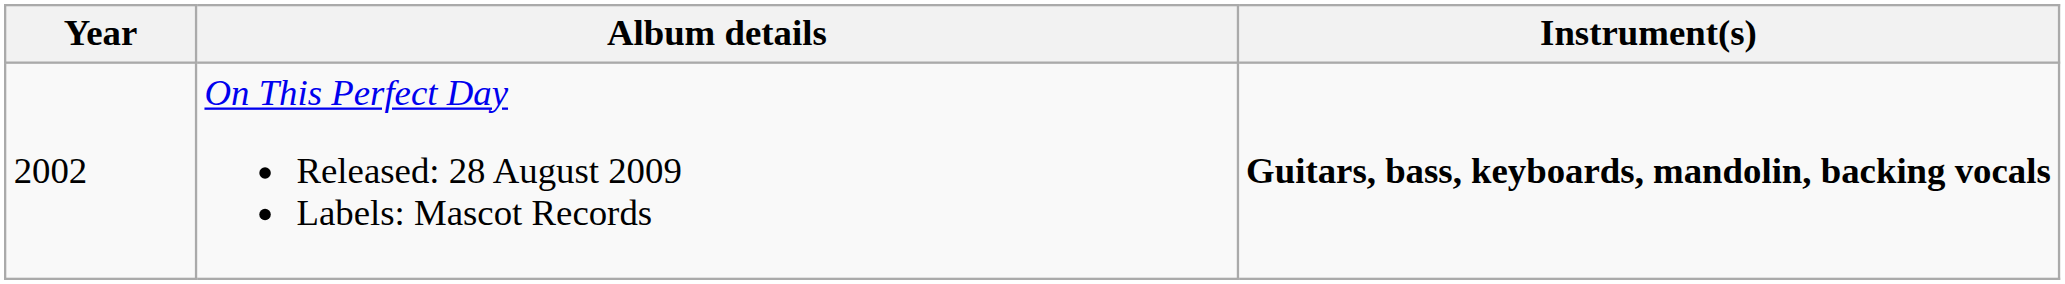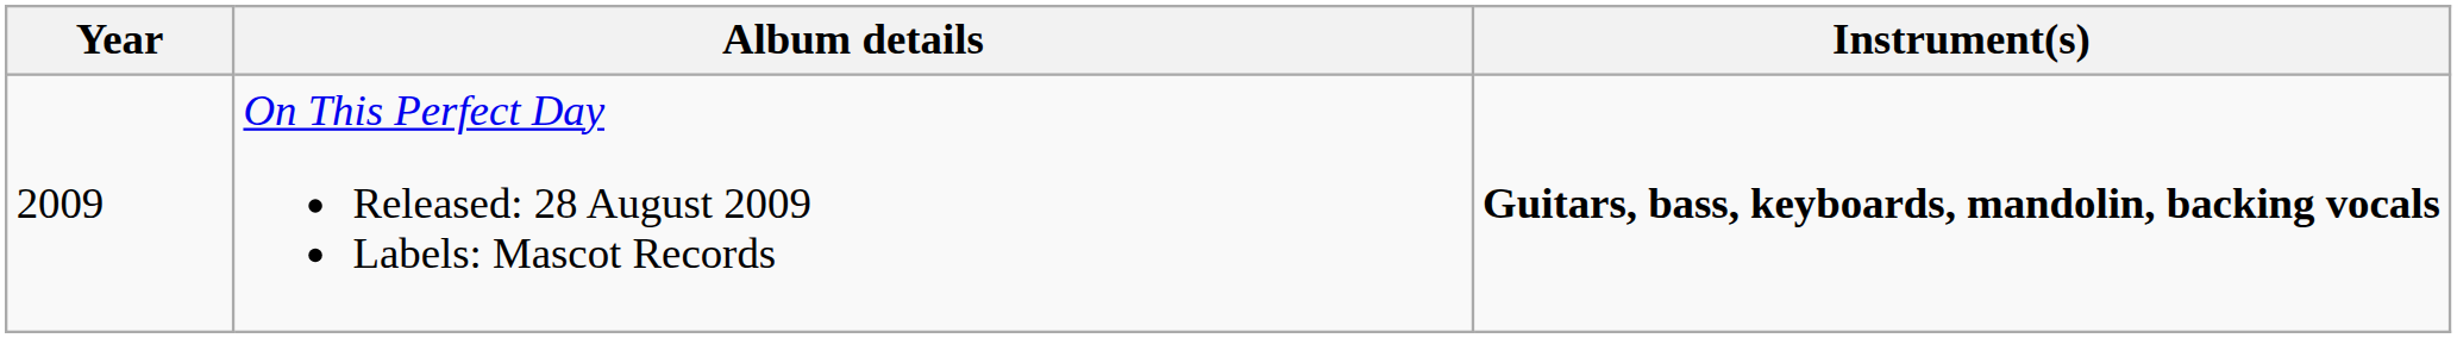 <table class="wikitable">
 <tr>
 <th>Year</th>
 <th>Album details</th>
 <th width=40%>Instrument(s)</th>
 </tr>
 <tr>
-<td>2002</td>
+<td>2009</td>
 <td><em><a href='#'>On This Perfect Day</a></em><br><ul><li>Released: 28 August 2009</li><li>Labels: Mascot Records</li></ul></td>
 <td><strong>Guitars, bass, keyboards, mandolin, backing vocals</strong></td>
 </tr>
 </table>
